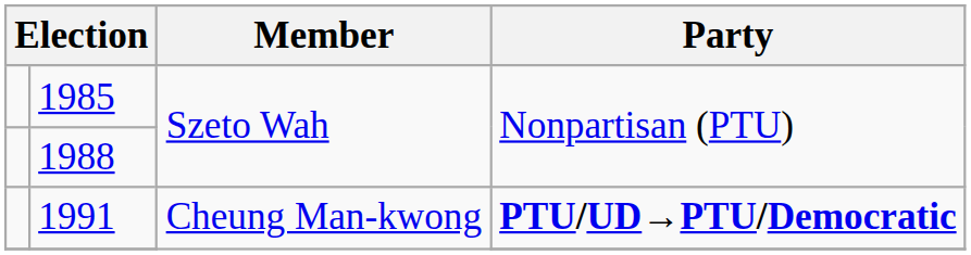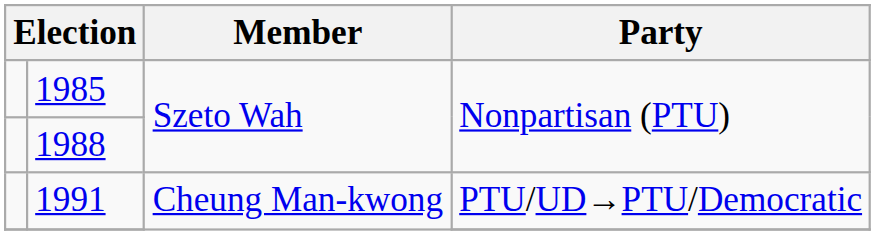 <table class="wikitable">
 <tr>
 <th colspan="2">Election</th>
 <th>Member</th>
 <th>Party</th>
 </tr>
 <tr>
 <td style="background-color: "></td>
 <td><a href='#'>1985</a></td>
 <td rowspan=2><a href='#'>Szeto Wah</a></td>
 <td rowspan=2><a href='#'>Nonpartisan</a> (<a href='#'>PTU</a>)</td>
 </tr>
 <tr>
 <td style="background-color: "></td>
 <td><a href='#'>1988</a></td>
 </tr>
 <tr>
 <td style="background-color: "></td>
 <td><a href='#'>1991</a></td>
 <td rowspan="2"><a href='#'>Cheung Man-kwong</a></td>
-<td><strong><a href='#'>PTU</a>/<a href='#'>UD</a>→<a href='#'>PTU</a>/<a href='#'>Democratic</a></strong></td>
+<td><a href='#'>PTU</a>/<a href='#'>UD</a>→<a href='#'>PTU</a>/<a href='#'>Democratic</a></td>
 </tr>
 <tr>
 </tr>
 </table>
